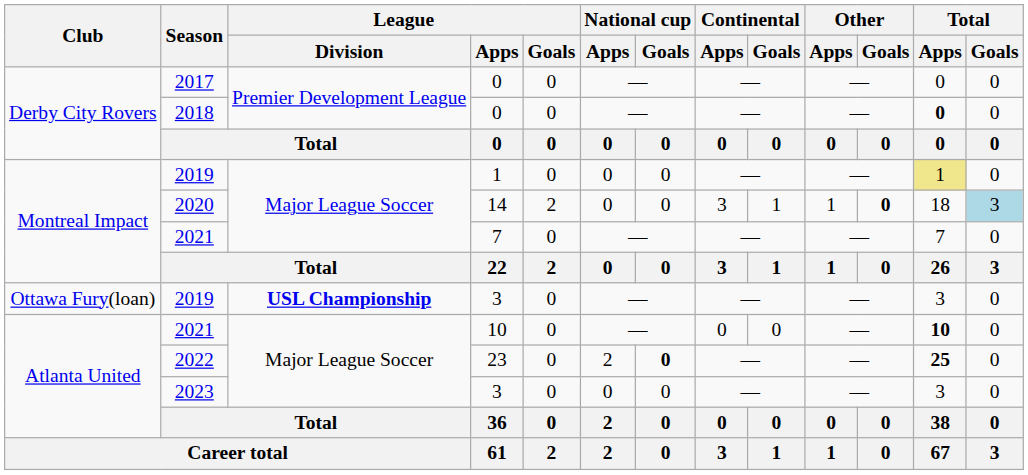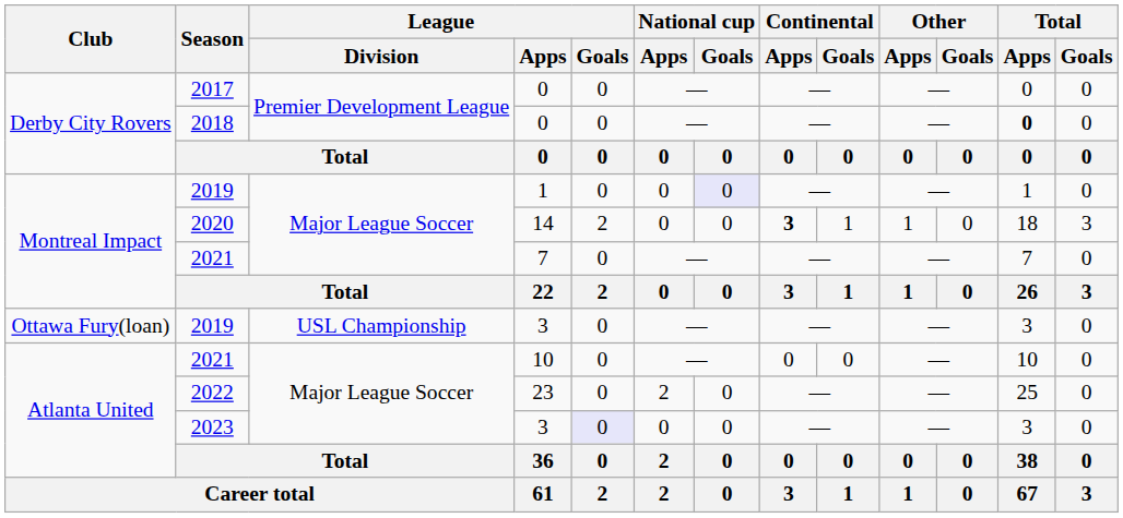 <table class="wikitable" style="text-align:center">
 <tr>
 <th rowspan="2">Club</th>
 <th rowspan="2">Season</th>
 <th colspan="3">League</th>
 <th colspan="2">National cup</th>
 <th colspan="2">Continental</th>
 <th colspan="2">Other</th>
 <th colspan="2">Total</th>
 </tr>
 <tr>
 <th>Division</th>
 <th>Apps</th>
 <th>Goals</th>
 <th>Apps</th>
 <th>Goals</th>
 <th>Apps</th>
 <th>Goals</th>
 <th>Apps</th>
 <th>Goals</th>
 <th>Apps</th>
 <th>Goals</th>
 </tr>
 <tr>
 <td rowspan="3"><a href='#'>Derby City Rovers</a></td>
 <td><a href='#'>2017</a></td>
 <td rowspan="2"><a href='#'>Premier Development League</a></td>
 <td>0</td>
 <td>0</td>
 <td colspan="2">—</td>
 <td colspan="2">—</td>
 <td colspan="2">—</td>
 <td>0</td>
 <td>0</td>
 </tr>
 <tr>
 <td><a href='#'>2018</a></td>
 <td>0</td>
 <td>0</td>
 <td colspan="2">—</td>
 <td colspan="2">—</td>
 <td colspan="2">—</td>
 <td><strong>0</strong></td>
 <td>0</td>
 </tr>
 <tr>
 <th colspan="2">Total</th>
 <th>0</th>
 <th>0</th>
 <th>0</th>
 <th>0</th>
 <th>0</th>
 <th>0</th>
 <th>0</th>
 <th>0</th>
 <th>0</th>
 <th>0</th>
 </tr>
 <tr>
 <td rowspan="4"><a href='#'>Montreal Impact</a></td>
 <td><a href='#'>2019</a></td>
 <td rowspan="3"><a href='#'>Major League Soccer</a></td>
 <td>1</td>
 <td>0</td>
 <td>0</td>
-<td>0</td>
+<td style="background: lavender;">0</td>
 <td colspan="2">—</td>
 <td colspan="2">—</td>
-<td style="background: khaki;">1</td>
+<td>1</td>
 <td>0</td>
 </tr>
 <tr>
 <td><a href='#'>2020</a></td>
 <td>14</td>
 <td>2</td>
 <td>0</td>
 <td>0</td>
-<td>3</td>
+<td><strong>3</strong></td>
 <td>1</td>
 <td>1</td>
-<td><strong>0</strong></td>
+<td>0</td>
 <td>18</td>
-<td style="background: lightblue;">3</td>
+<td>3</td>
 </tr>
 <tr>
 <td><a href='#'>2021</a></td>
 <td>7</td>
 <td>0</td>
 <td colspan="2">—</td>
 <td colspan="2">—</td>
 <td colspan="2">—</td>
 <td>7</td>
 <td>0</td>
 </tr>
 <tr>
 <th colspan="2">Total</th>
 <th>22</th>
 <th>2</th>
 <th>0</th>
 <th>0</th>
 <th>3</th>
 <th>1</th>
 <th>1</th>
 <th>0</th>
 <th>26</th>
 <th>3</th>
 </tr>
 <tr>
 <td><a href='#'>Ottawa Fury</a>(loan)</td>
 <td><a href='#'>2019</a></td>
-<td><strong><a href='#'>USL Championship</a></strong></td>
+<td><a href='#'>USL Championship</a></td>
 <td>3</td>
 <td>0</td>
 <td colspan="2">—</td>
 <td colspan="2">—</td>
 <td colspan="2">—</td>
 <td>3</td>
 <td>0</td>
 </tr>
 <tr>
 <td rowspan="4"><a href='#'>Atlanta United</a></td>
 <td><a href='#'>2021</a></td>
 <td rowspan="3">Major League Soccer</td>
 <td>10</td>
 <td>0</td>
 <td colspan="2">—</td>
 <td>0</td>
 <td>0</td>
 <td colspan="2">—</td>
-<td><strong>10</strong></td>
+<td>10</td>
 <td>0</td>
 </tr>
 <tr>
 <td><a href='#'>2022</a></td>
 <td>23</td>
 <td>0</td>
 <td>2</td>
-<td><strong>0</strong></td>
+<td>0</td>
 <td colspan="2">—</td>
 <td colspan="2">—</td>
-<td><strong>25</strong></td>
+<td>25</td>
 <td>0</td>
 </tr>
 <tr>
 <td><a href='#'>2023</a></td>
 <td>3</td>
-<td>0</td>
+<td style="background: lavender;">0</td>
 <td>0</td>
 <td>0</td>
 <td colspan="2">—</td>
 <td colspan="2">—</td>
 <td>3</td>
 <td>0</td>
 </tr>
 <tr>
 <th colspan="2">Total</th>
 <th>36</th>
 <th>0</th>
 <th>2</th>
 <th>0</th>
 <th>0</th>
 <th>0</th>
 <th>0</th>
 <th>0</th>
 <th>38</th>
 <th>0</th>
 </tr>
 <tr>
 <th colspan="3">Career total</th>
 <th>61</th>
 <th>2</th>
 <th>2</th>
 <th>0</th>
 <th>3</th>
 <th>1</th>
 <th>1</th>
 <th>0</th>
 <th>67</th>
 <th>3</th>
 </tr>
 </table>
